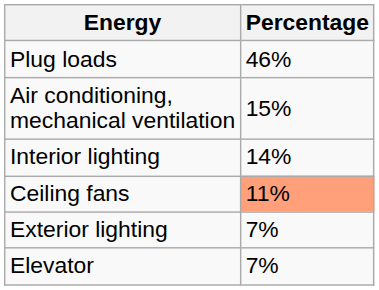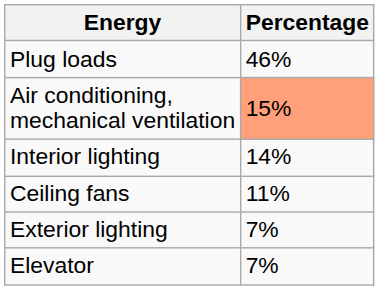 <table class="wikitable sortable floatright">
 <tr>
 <th class=unsortable>Energy</th>
 <th>Percentage</th>
 </tr>
 <tr>
 <td>Plug loads</td>
 <td>46%</td>
 </tr>
 <tr>
 <td>Air conditioning,<br>mechanical ventilation</td>
-<td>15%</td>
+<td style="background: lightsalmon;">15%</td>
 </tr>
 <tr>
 <td>Interior lighting</td>
 <td>14%</td>
 </tr>
 <tr>
 <td>Ceiling fans</td>
-<td style="background: lightsalmon;">11%</td>
+<td>11%</td>
 </tr>
 <tr>
 <td>Exterior lighting</td>
 <td>7%</td>
 </tr>
 <tr>
 <td>Elevator</td>
 <td>7%</td>
 </tr>
 </table>
